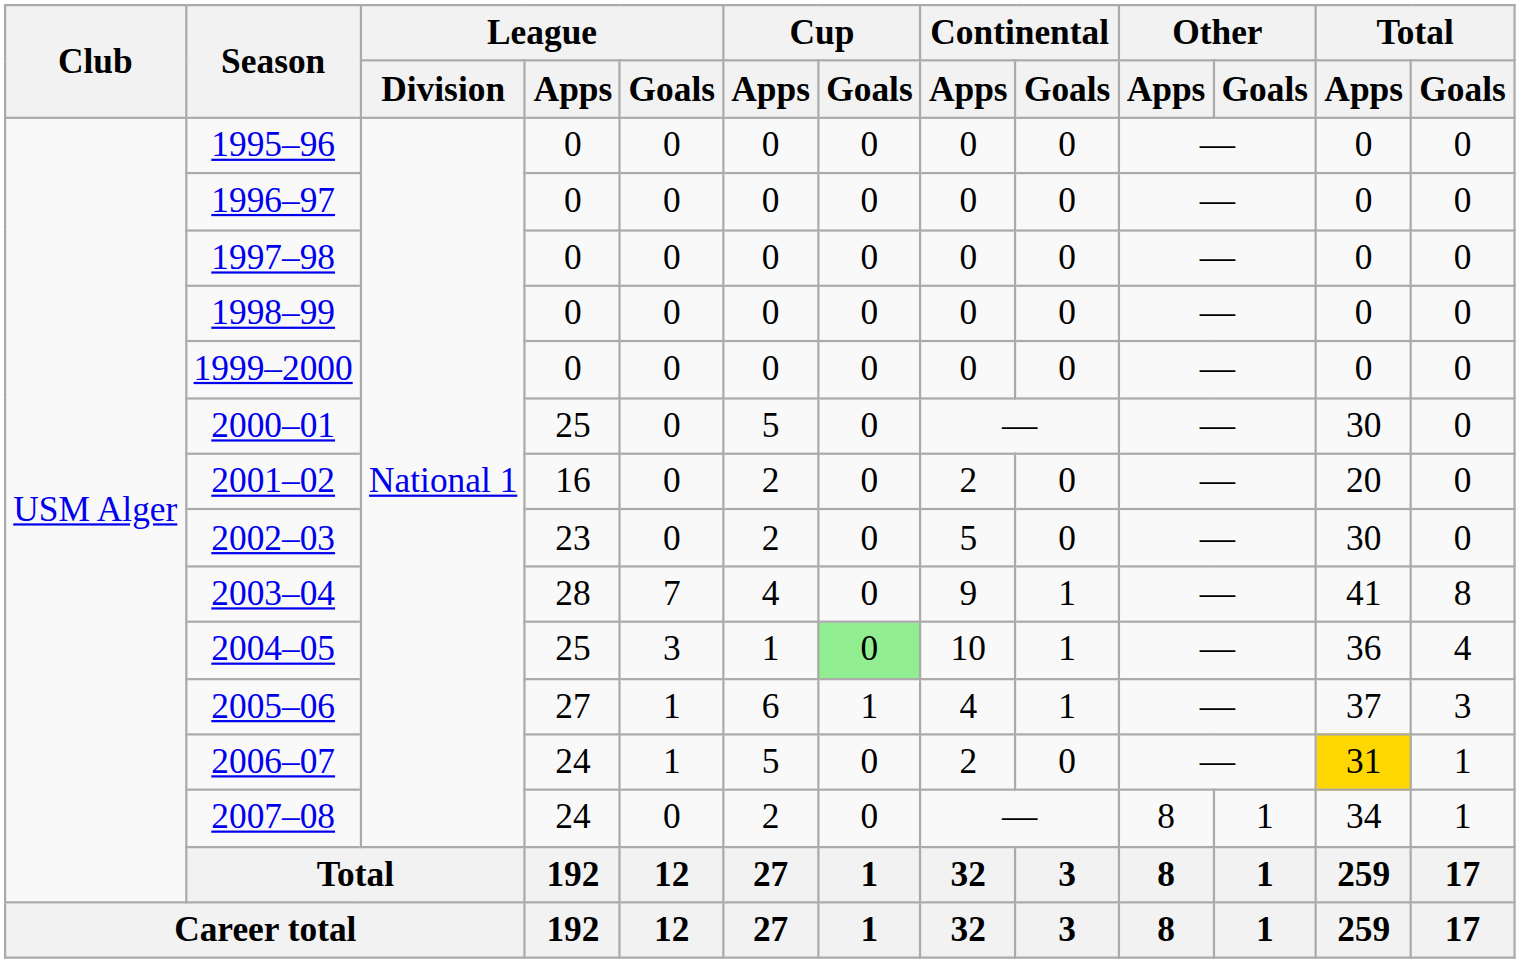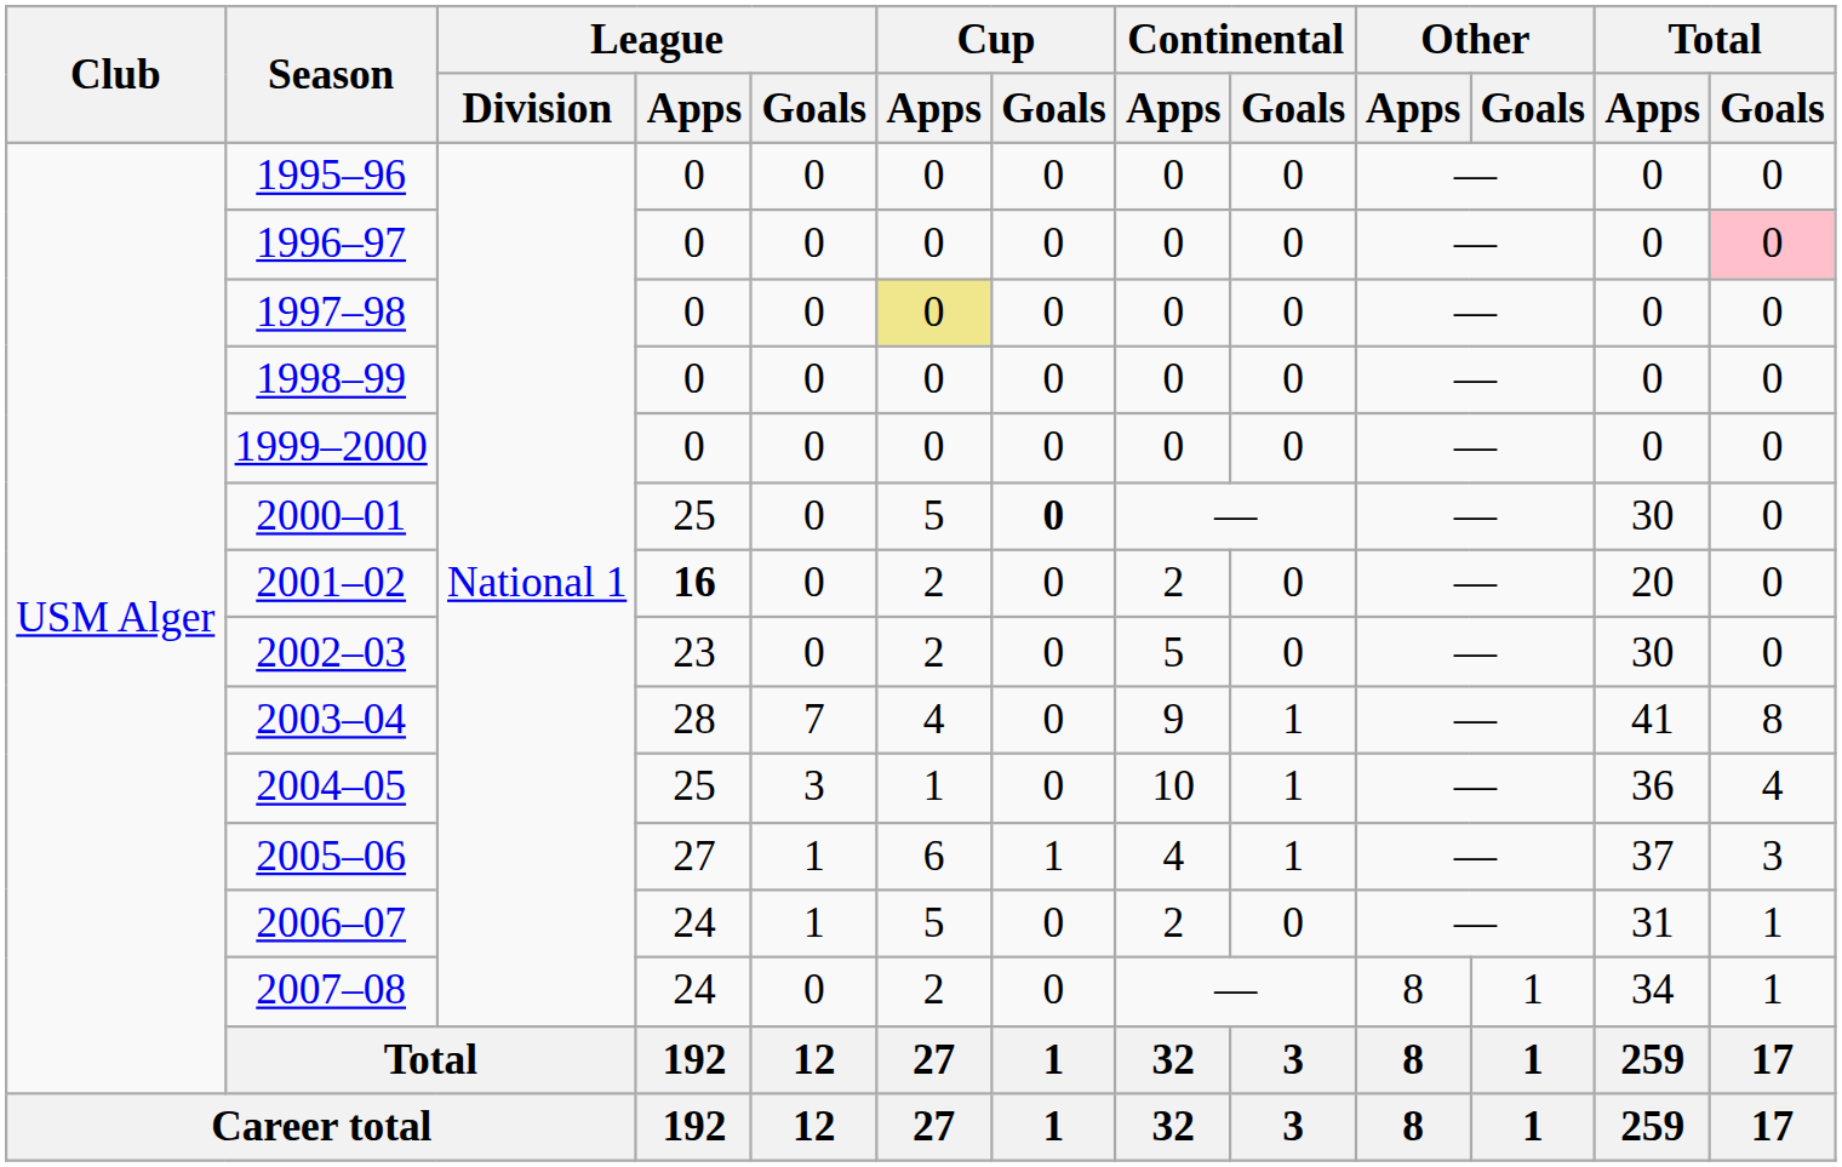 <table class="wikitable" style="text-align: center">
 <tr>
 <th rowspan="2">Club</th>
 <th rowspan="2">Season</th>
 <th colspan="3">League</th>
 <th colspan="2">Cup</th>
 <th colspan="2">Continental</th>
 <th colspan="2">Other</th>
 <th colspan="2">Total</th>
 </tr>
 <tr>
 <th>Division</th>
 <th>Apps</th>
 <th>Goals</th>
 <th>Apps</th>
 <th>Goals</th>
 <th>Apps</th>
 <th>Goals</th>
 <th>Apps</th>
 <th>Goals</th>
 <th>Apps</th>
 <th>Goals</th>
 </tr>
 <tr>
 <td rowspan="14" valign="center"><a href='#'>USM Alger</a></td>
 <td><a href='#'>1995–96</a></td>
 <td rowspan=13><a href='#'>National 1</a></td>
 <td>0</td>
 <td>0</td>
 <td>0</td>
 <td>0</td>
 <td>0</td>
 <td>0</td>
 <td colspan=2>—</td>
 <td>0</td>
 <td>0</td>
 </tr>
 <tr>
 <td><a href='#'>1996–97</a></td>
 <td>0</td>
 <td>0</td>
 <td>0</td>
 <td>0</td>
 <td>0</td>
 <td>0</td>
 <td colspan=2>—</td>
 <td>0</td>
-<td>0</td>
+<td style="background: pink;">0</td>
 </tr>
 <tr>
 <td><a href='#'>1997–98</a></td>
 <td>0</td>
 <td>0</td>
-<td>0</td>
+<td style="background: khaki;">0</td>
 <td>0</td>
 <td>0</td>
 <td>0</td>
 <td colspan=2>—</td>
 <td>0</td>
 <td>0</td>
 </tr>
 <tr>
 <td><a href='#'>1998–99</a></td>
 <td>0</td>
 <td>0</td>
 <td>0</td>
 <td>0</td>
 <td>0</td>
 <td>0</td>
 <td colspan=2>—</td>
 <td>0</td>
 <td>0</td>
 </tr>
 <tr>
 <td><a href='#'>1999–2000</a></td>
 <td>0</td>
 <td>0</td>
 <td>0</td>
 <td>0</td>
 <td>0</td>
 <td>0</td>
 <td colspan=2>—</td>
 <td>0</td>
 <td>0</td>
 </tr>
 <tr>
 <td><a href='#'>2000–01</a></td>
 <td>25</td>
 <td>0</td>
 <td>5</td>
-<td>0</td>
+<td><strong>0</strong></td>
 <td colspan=2>—</td>
 <td colspan=2>—</td>
 <td>30</td>
 <td>0</td>
 </tr>
 <tr>
 <td><a href='#'>2001–02</a></td>
-<td>16</td>
+<td><strong>16</strong></td>
 <td>0</td>
 <td>2</td>
 <td>0</td>
 <td>2</td>
 <td>0</td>
 <td colspan=2>—</td>
 <td>20</td>
 <td>0</td>
 </tr>
 <tr>
 <td><a href='#'>2002–03</a></td>
 <td>23</td>
 <td>0</td>
 <td>2</td>
 <td>0</td>
 <td>5</td>
 <td>0</td>
 <td colspan=2>—</td>
 <td>30</td>
 <td>0</td>
 </tr>
 <tr>
 <td><a href='#'>2003–04</a></td>
 <td>28</td>
 <td>7</td>
 <td>4</td>
 <td>0</td>
 <td>9</td>
 <td>1</td>
 <td colspan=2>—</td>
 <td>41</td>
 <td>8</td>
 </tr>
 <tr>
 <td><a href='#'>2004–05</a></td>
 <td>25</td>
 <td>3</td>
 <td>1</td>
-<td style="background: lightgreen;">0</td>
+<td>0</td>
 <td>10</td>
 <td>1</td>
 <td colspan=2>—</td>
 <td>36</td>
 <td>4</td>
 </tr>
 <tr>
 <td><a href='#'>2005–06</a></td>
 <td>27</td>
 <td>1</td>
 <td>6</td>
 <td>1</td>
 <td>4</td>
 <td>1</td>
 <td colspan=2>—</td>
 <td>37</td>
 <td>3</td>
 </tr>
 <tr>
 <td><a href='#'>2006–07</a></td>
 <td>24</td>
 <td>1</td>
 <td>5</td>
 <td>0</td>
 <td>2</td>
 <td>0</td>
 <td colspan=2>—</td>
-<td style="background: gold;">31</td>
+<td>31</td>
 <td>1</td>
 </tr>
 <tr>
 <td><a href='#'>2007–08</a></td>
 <td>24</td>
 <td>0</td>
 <td>2</td>
 <td>0</td>
 <td colspan=2>—</td>
 <td>8</td>
 <td>1</td>
 <td>34</td>
 <td>1</td>
 </tr>
 <tr>
 <th colspan="2">Total</th>
 <th>192</th>
 <th>12</th>
 <th>27</th>
 <th>1</th>
 <th>32</th>
 <th>3</th>
 <th>8</th>
 <th>1</th>
 <th>259</th>
 <th>17</th>
 </tr>
 <tr>
 <th colspan="3">Career total</th>
 <th>192</th>
 <th>12</th>
 <th>27</th>
 <th>1</th>
 <th>32</th>
 <th>3</th>
 <th>8</th>
 <th>1</th>
 <th>259</th>
 <th>17</th>
 </tr>
 </table>
